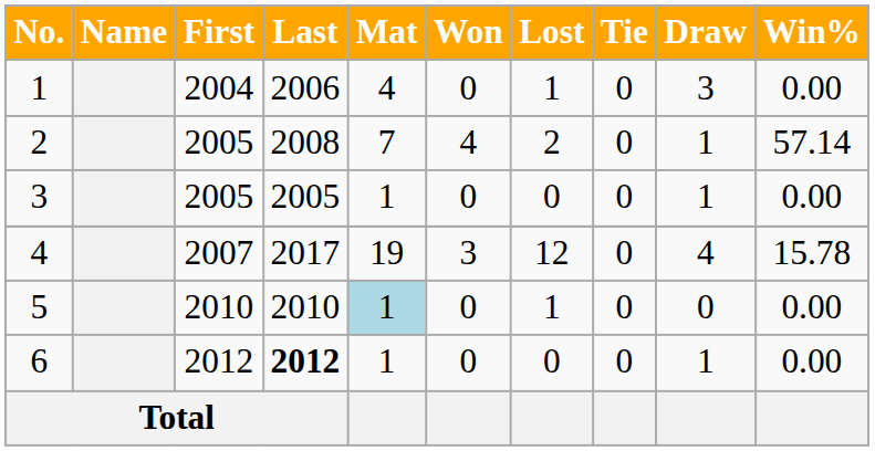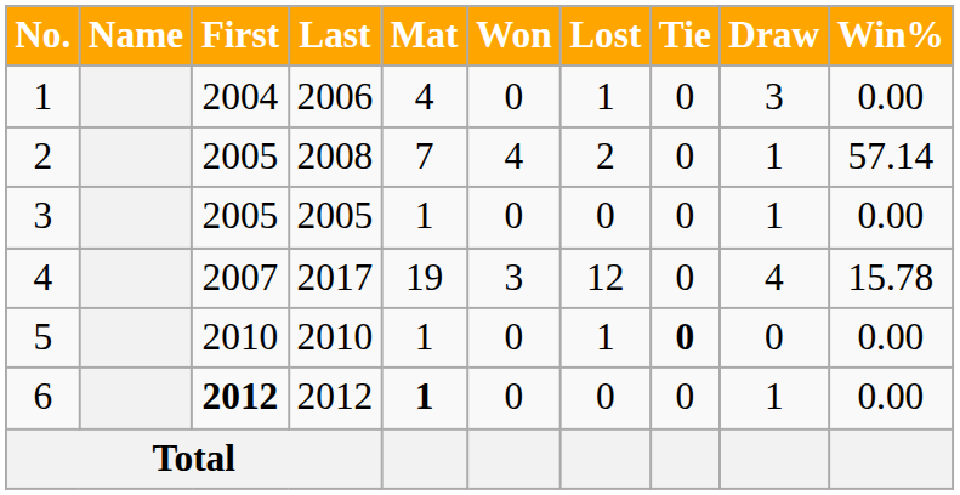 <table class="wikitable plainrowheaders sortable">
 <tr align="center">
 <th style="background:orange; color:white;">No.</th>
 <th style="background:orange; color:white;">Name</th>
 <th style="background:orange; color:white;">First</th>
 <th style="background:orange; color:white;">Last</th>
 <th style="background:orange; color:white;">Mat</th>
 <th style="background:orange; color:white;">Won</th>
 <th style="background:orange; color:white;">Lost</th>
 <th style="background:orange; color:white;">Tie</th>
 <th style="background:orange; color:white;">Draw</th>
 <th style="background:orange; color:white;">Win%</th>
 </tr>
 <tr align=center>
 <td>1</td>
 <th scope="row"></th>
 <td>2004</td>
 <td>2006</td>
 <td>4</td>
 <td>0</td>
 <td>1</td>
 <td>0</td>
 <td>3</td>
 <td>0.00</td>
 </tr>
 <tr align=center>
 <td>2</td>
 <th scope="row"></th>
 <td>2005</td>
 <td>2008</td>
 <td>7</td>
 <td>4</td>
 <td>2</td>
 <td>0</td>
 <td>1</td>
 <td>57.14</td>
 </tr>
 <tr align=center>
 <td>3</td>
 <th scope="row"></th>
 <td>2005</td>
 <td>2005</td>
 <td>1</td>
 <td>0</td>
 <td>0</td>
 <td>0</td>
 <td>1</td>
 <td>0.00</td>
 </tr>
 <tr>
 </tr>
 <tr align=center>
 <td>4</td>
 <th scope="row"></th>
 <td>2007</td>
 <td>2017</td>
 <td>19</td>
 <td>3</td>
 <td>12</td>
 <td>0</td>
 <td>4</td>
 <td>15.78</td>
 </tr>
 <tr align=center>
 <td>5</td>
 <th scope="row"></th>
 <td>2010</td>
 <td>2010</td>
-<td style="background: lightblue;">1</td>
+<td>1</td>
 <td>0</td>
 <td>1</td>
-<td>0</td>
+<td><strong>0</strong></td>
 <td>0</td>
 <td>0.00</td>
 </tr>
 <tr align=center>
 <td>6</td>
 <th scope="row"></th>
+<td><strong>2012</strong></td>
 <td>2012</td>
-<td><strong>2012</strong></td>
-<td>1</td>
+<td><strong>1</strong></td>
 <td>0</td>
 <td>0</td>
 <td>0</td>
 <td>1</td>
 <td>0.00</td>
 </tr>
 <tr>
 <th colspan=4>Total</th>
 <th></th>
 <th></th>
 <th></th>
 <th></th>
 <th></th>
 <th></th>
 </tr>
 </table>
